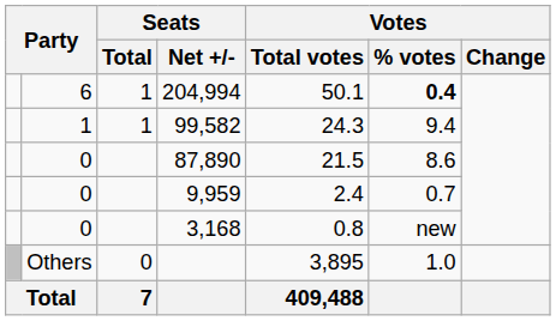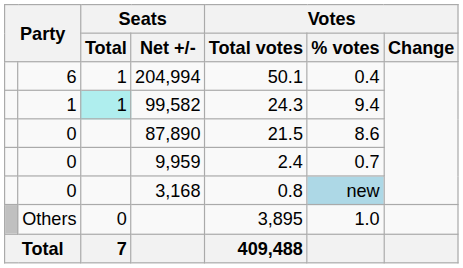 <table class="wikitable" style="text-align:right; font-size:95%;">
 <tr>
 <th colspan="2" rowspan="2">Party</th>
 <th colspan="2">Seats</th>
 <th colspan="3">Votes</th>
 </tr>
 <tr>
 <th>Total</th>
 <th>Net +/-</th>
 <th>Total votes</th>
 <th>% votes</th>
 <th>Change</th>
 </tr>
 <tr>
 <td></td>
 <td>6</td>
 <td>1</td>
 <td>204,994</td>
 <td>50.1</td>
-<td><strong>0.4</strong></td>
+<td>0.4</td>
 </tr>
 <tr>
 <td></td>
 <td>1</td>
-<td>1</td>
+<td style="background: paleturquoise;">1</td>
 <td>99,582</td>
 <td>24.3</td>
 <td>9.4</td>
 </tr>
 <tr>
 <td></td>
 <td>0</td>
 <td></td>
 <td>87,890</td>
 <td>21.5</td>
 <td>8.6</td>
 </tr>
 <tr>
 <td></td>
 <td>0</td>
 <td></td>
 <td>9,959</td>
 <td>2.4</td>
 <td>0.7</td>
 </tr>
 <tr>
 <td></td>
 <td>0</td>
 <td></td>
 <td>3,168</td>
 <td>0.8</td>
-<td>new</td>
+<td style="background: lightblue;">new</td>
 </tr>
 <tr>
 <td style="background:silver;"> </td>
 <td align=left>Others</td>
 <td>0</td>
 <td></td>
 <td>3,895</td>
 <td>1.0</td>
 <td></td>
 </tr>
 <tr>
 <th colspan="2" style="background:#f2f2f2">Total</th>
 <td style="background:#f2f2f2;"><strong>7</strong></td>
 <td style="background:#f2f2f2;"></td>
 <td style="background:#f2f2f2;"><strong>409,488</strong></td>
 <td style="background:#f2f2f2;"></td>
 <td style="background:#f2f2f2;"></td>
 </tr>
 </table>
